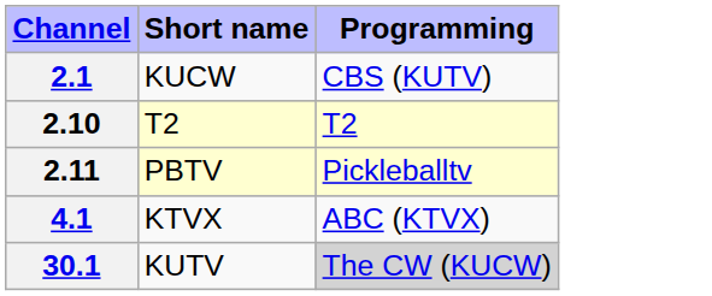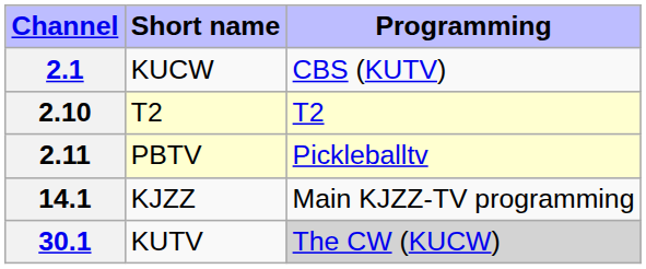 <table class="wikitable">
 <tr>
 <th style="background-color: #bdbdff" scope = "col"><a href='#'>Channel</a></th>
 <th style="background-color: #bdbdff" scope = "col">Short name</th>
 <th style="background-color: #bdbdff" scope = "col">Programming</th>
 </tr>
 <tr>
 <th scope = "row"><a href='#'>2.1</a></th>
 <td>KUCW</td>
 <td><a href='#'>CBS</a> (<a href='#'>KUTV</a>)</td>
 </tr>
 <tr>
 <th scope = "row">2.10</th>
 <td style="background-color:#ffffd0">T2</td>
 <td style="background-color:#ffffd0"><a href='#'>T2</a></td>
 </tr>
 <tr>
 <th scope = "row">2.11</th>
 <td style="background-color:#ffffd0">PBTV</td>
 <td style="background-color:#ffffd0"><a href='#'>Pickleballtv</a></td>
 </tr>
 <tr>
-<th scope = "row"><a href='#'>4.1</a></th>
-<td>KTVX</td>
-<td><a href='#'>ABC</a> (<a href='#'>KTVX</a>)</td>
+<th scope = "row">14.1</th>
+<td>KJZZ</td>
+<td>Main KJZZ-TV programming</td>
 </tr>
 <tr>
 <th scope = "row"><a href='#'>30.1</a></th>
 <td>KUTV</td>
 <td style="background: lightgrey;"><a href='#'>The CW</a> (<a href='#'>KUCW</a>)</td>
 </tr>
 </table>
